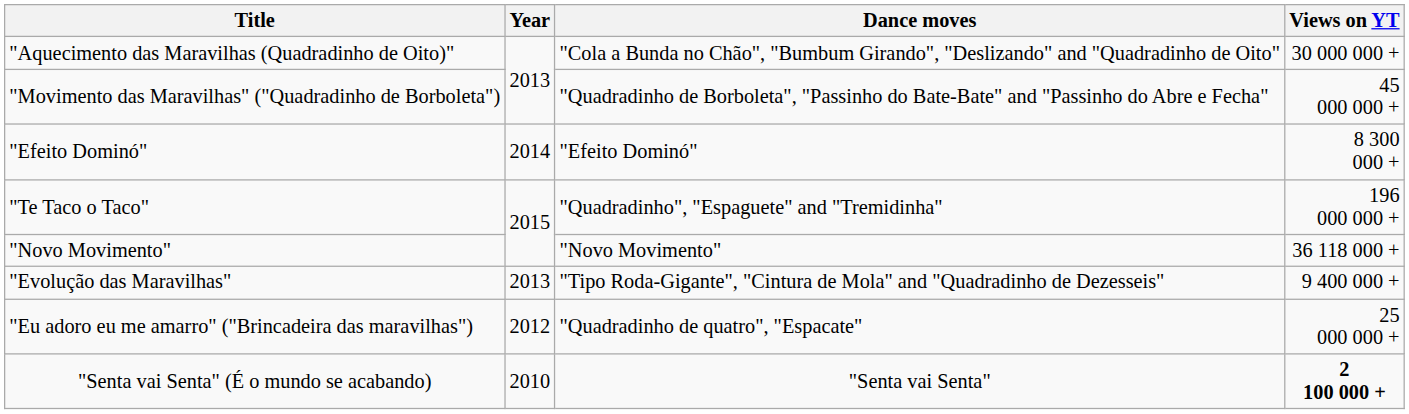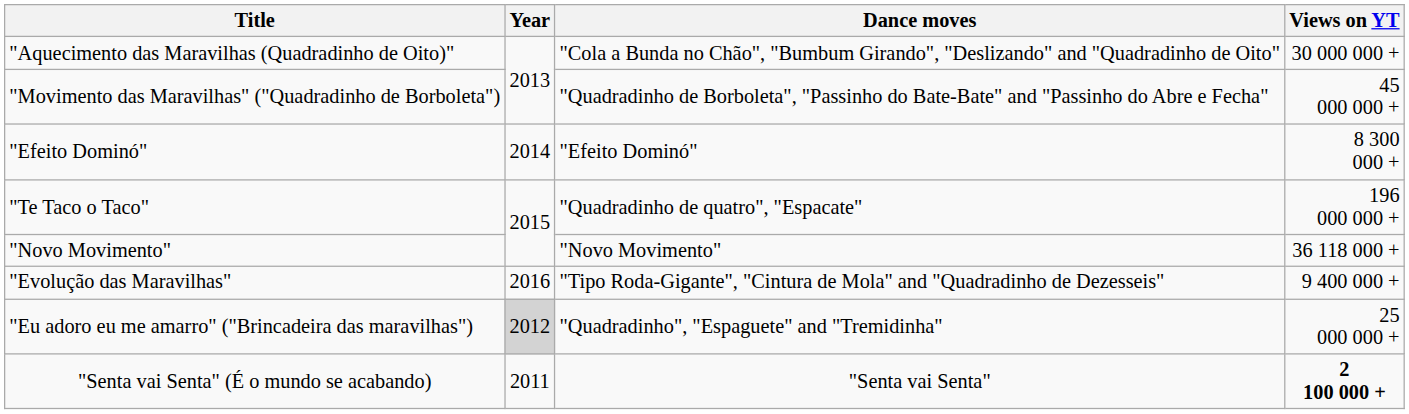 <table class="wikitable plainrowheaders" style="text-align:center;">
 <tr>
 <th scope="col">Title</th>
 <th scope="col">Year</th>
 <th scope="col">Dance moves</th>
 <th scope="col">Views on <a href='#'>YT</a></th>
 </tr>
 <tr>
 <td align=left>"Aquecimento das Maravilhas (Quadradinho de Oito)"</td>
 <td rowspan="2">2013</td>
 <td align=left>"Cola a Bunda no Chão", "Bumbum Girando", "Deslizando" and "Quadradinho de Oito"</td>
 <td align=right>30 000 000 +</td>
 </tr>
 <tr>
 <td align=left>"Movimento das Maravilhas" ("Quadradinho de Borboleta")</td>
 <td align="left">"Quadradinho de Borboleta", "Passinho do Bate-Bate" and "Passinho do Abre e Fecha"</td>
 <td align=right>45<br>000 000 +</td>
 </tr>
 <tr>
 <td align=left>"Efeito Dominó"</td>
 <td>2014</td>
 <td align=left>"Efeito Dominó"</td>
 <td align=right>8 300<br>000 +</td>
 </tr>
 <tr>
 <td align=left>"Te Taco o Taco"</td>
 <td rowspan="2">2015</td>
-<td align=left>"Quadradinho", "Espaguete" and "Tremidinha"</td>
+<td align="left">"Quadradinho de quatro", "Espacate"</td>
 <td align="right">196<br>000 000 +</td>
 </tr>
 <tr>
 <td align=left>"Novo Movimento"</td>
 <td align="left">"Novo Movimento"</td>
 <td align="right">36 118 000 +</td>
 </tr>
 <tr>
 <td align=left>"Evolução das Maravilhas"</td>
-<td>2013</td>
+<td>2016</td>
 <td align=left>"Tipo Roda-Gigante", "Cintura de Mola" and "Quadradinho de Dezesseis"</td>
 <td align="right">9 400 000 +</td>
 </tr>
 <tr>
 <td align=left>"Eu adoro eu me amarro" ("Brincadeira das maravilhas")</td>
-<td>2012</td>
-<td align="left">"Quadradinho de quatro", "Espacate"</td>
+<td style="background: lightgrey;">2012</td>
+<td align=left>"Quadradinho", "Espaguete" and "Tremidinha"</td>
 <td align="right">25<br>000 000 +</td>
 </tr>
 <tr>
 <td>"Senta vai Senta" (É o mundo se acabando)</td>
-<td>2010</td>
+<td>2011</td>
 <td>"Senta vai Senta"</td>
 <td><strong>2<br>100 000 +</strong></td>
 </tr>
 </table>
